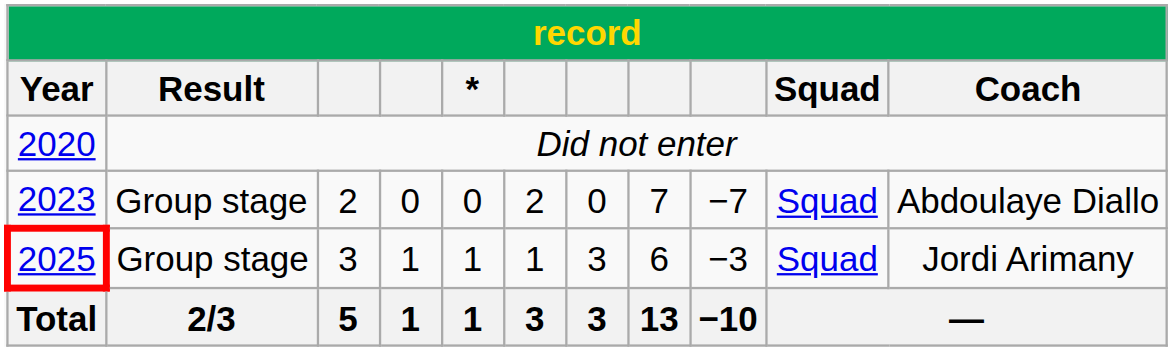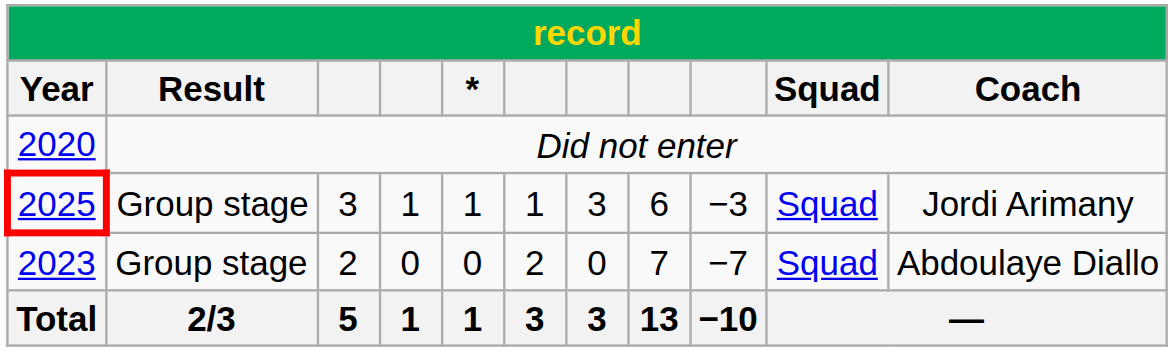 <table class="wikitable mw-collapsible" style="text-align: center;font-size:95%;">
 <tr>
 <th colspan="11" style="background: #00A95C; color: #FFD700;"><a href='#'></a> record</th>
 </tr>
 <tr>
 <th>Year</th>
 <th>Result</th>
 <th width=20></th>
 <th width=20></th>
 <th width=20>*</th>
 <th width=20></th>
 <th width=20></th>
 <th width=20></th>
 <th width=20></th>
 <th>Squad</th>
 <th>Coach</th>
 </tr>
 <tr>
 <td> <a href='#'>2020</a></td>
 <td colspan=10><em>Did not enter</em></td>
 </tr>
 <tr>
+<td style="border: 3px solid red"> <a href='#'>2025</a></td>
+<td>Group stage</td>
+<td>3</td>
+<td>1</td>
+<td>1</td>
+<td>1</td>
+<td>3</td>
+<td>6</td>
+<td>−3</td>
+<td><a href='#'>Squad</a></td>
+<td> Jordi Arimany</td>
+</tr>
+<tr>
 <td> <a href='#'>2023</a></td>
 <td>Group stage</td>
 <td>2</td>
 <td>0</td>
 <td>0</td>
 <td>2</td>
 <td>0</td>
 <td>7</td>
 <td>−7</td>
 <td><a href='#'>Squad</a></td>
 <td>Abdoulaye Diallo</td>
-</tr>
-<tr>
-<td style="border: 3px solid red"> <a href='#'>2025</a></td>
-<td>Group stage</td>
-<td>3</td>
-<td>1</td>
-<td>1</td>
-<td>1</td>
-<td>3</td>
-<td>6</td>
-<td>−3</td>
-<td><a href='#'>Squad</a></td>
-<td> Jordi Arimany</td>
 </tr>
 <tr>
 <th>Total</th>
 <th>2/3</th>
 <th>5</th>
 <th>1</th>
 <th>1</th>
 <th>3</th>
 <th>3</th>
 <th>13</th>
 <th>−10</th>
 <th colspan=2>—</th>
 </tr>
 </table>
